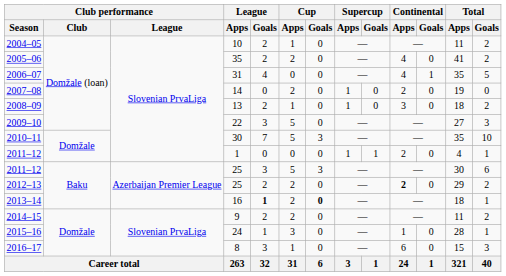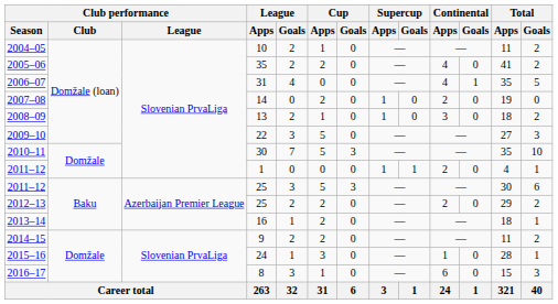 <table class="wikitable" style="text-align:center;">
 <tr>
 <th colspan=3>Club performance</th>
 <th colspan=2>League</th>
 <th colspan=2>Cup</th>
 <th colspan=2>Supercup</th>
 <th colspan=2>Continental</th>
 <th colspan=2>Total</th>
 </tr>
 <tr>
 <th>Season</th>
 <th>Club</th>
 <th>League</th>
 <th>Apps</th>
 <th>Goals</th>
 <th>Apps</th>
 <th>Goals</th>
 <th>Apps</th>
 <th>Goals</th>
 <th>Apps</th>
 <th>Goals</th>
 <th>Apps</th>
 <th>Goals</th>
 </tr>
 <tr>
 <td><a href='#'>2004–05</a></td>
 <td rowspan="6"><a href='#'>Domžale</a> (loan)</td>
 <td rowspan="8"><a href='#'>Slovenian PrvaLiga</a></td>
 <td>10</td>
 <td>2</td>
 <td>1</td>
 <td>0</td>
 <td colspan="2">—</td>
 <td colspan="2">—</td>
 <td>11</td>
 <td>2</td>
 </tr>
 <tr>
 <td><a href='#'>2005–06</a></td>
 <td>35</td>
 <td>2</td>
 <td>2</td>
 <td>0</td>
 <td colspan="2">—</td>
 <td>4</td>
 <td>0</td>
 <td>41</td>
 <td>2</td>
 </tr>
 <tr>
 <td><a href='#'>2006–07</a></td>
 <td>31</td>
 <td>4</td>
 <td>0</td>
 <td>0</td>
 <td colspan="2">—</td>
 <td>4</td>
 <td>1</td>
 <td>35</td>
 <td>5</td>
 </tr>
 <tr>
 <td><a href='#'>2007–08</a></td>
 <td>14</td>
 <td>0</td>
 <td>2</td>
 <td>0</td>
 <td>1</td>
 <td>0</td>
 <td>2</td>
 <td>0</td>
 <td>19</td>
 <td>0</td>
 </tr>
 <tr>
 <td><a href='#'>2008–09</a></td>
 <td>13</td>
 <td>2</td>
 <td>1</td>
 <td>0</td>
 <td>1</td>
 <td>0</td>
 <td>3</td>
 <td>0</td>
 <td>18</td>
 <td>2</td>
 </tr>
 <tr>
 <td><a href='#'>2009–10</a></td>
 <td>22</td>
 <td>3</td>
 <td>5</td>
 <td>0</td>
 <td colspan="2">—</td>
 <td colspan="2">—</td>
 <td>27</td>
 <td>3</td>
 </tr>
 <tr>
 <td><a href='#'>2010–11</a></td>
 <td rowspan="2"><a href='#'>Domžale</a></td>
 <td>30</td>
 <td>7</td>
 <td>5</td>
 <td>3</td>
 <td colspan="2">—</td>
 <td colspan="2">—</td>
 <td>35</td>
 <td>10</td>
 </tr>
 <tr>
 <td><a href='#'>2011–12</a></td>
 <td>1</td>
 <td>0</td>
 <td>0</td>
 <td>0</td>
 <td>1</td>
 <td>1</td>
 <td>2</td>
 <td>0</td>
 <td>4</td>
 <td>1</td>
 </tr>
 <tr>
 <td><a href='#'>2011–12</a></td>
 <td rowspan="3"><a href='#'>Baku</a></td>
 <td rowspan="3"><a href='#'>Azerbaijan Premier League</a></td>
 <td>25</td>
 <td>3</td>
 <td>5</td>
 <td>3</td>
 <td colspan="2">—</td>
 <td colspan="2">—</td>
 <td>30</td>
 <td>6</td>
 </tr>
 <tr>
 <td><a href='#'>2012–13</a></td>
 <td>25</td>
 <td>2</td>
 <td>2</td>
 <td>0</td>
 <td colspan="2">—</td>
-<td><strong>2</strong></td>
+<td>2</td>
 <td>0</td>
 <td>29</td>
 <td>2</td>
 </tr>
 <tr>
 <td><a href='#'>2013–14</a></td>
 <td>16</td>
-<td><strong>1</strong></td>
+<td>1</td>
 <td>2</td>
-<td><strong>0</strong></td>
+<td>0</td>
 <td colspan="2">—</td>
 <td colspan="2">—</td>
 <td>18</td>
 <td>1</td>
 </tr>
 <tr>
 <td><a href='#'>2014–15</a></td>
 <td rowspan="3"><a href='#'>Domžale</a></td>
 <td rowspan="3"><a href='#'>Slovenian PrvaLiga</a></td>
 <td>9</td>
 <td>2</td>
 <td>2</td>
 <td>0</td>
 <td colspan="2">—</td>
 <td colspan="2">—</td>
 <td>11</td>
 <td>2</td>
 </tr>
 <tr>
 <td><a href='#'>2015–16</a></td>
 <td>24</td>
 <td>1</td>
 <td>3</td>
 <td>0</td>
 <td colspan="2">—</td>
 <td>1</td>
 <td>0</td>
 <td>28</td>
 <td>1</td>
 </tr>
 <tr>
 <td><a href='#'>2016–17</a></td>
 <td>8</td>
 <td>3</td>
 <td>1</td>
 <td>0</td>
 <td colspan="2">—</td>
 <td>6</td>
 <td>0</td>
 <td>15</td>
 <td>3</td>
 </tr>
 <tr>
 <th colspan=3>Career total</th>
 <th>263</th>
 <th>32</th>
 <th>31</th>
 <th>6</th>
 <th>3</th>
 <th>1</th>
 <th>24</th>
 <th>1</th>
 <th>321</th>
 <th>40</th>
 </tr>
 </table>
